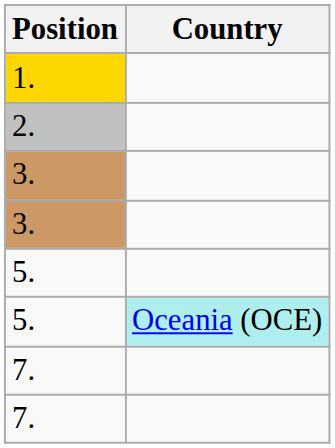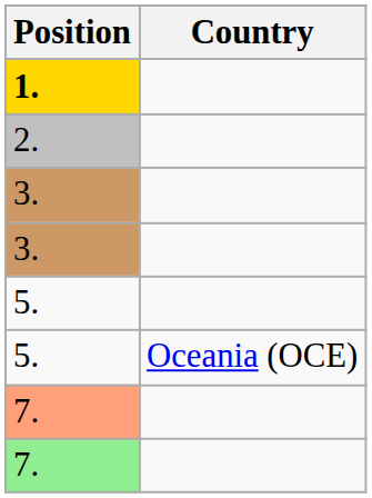 <table class=wikitable>
 <tr>
 <th>Position</th>
 <th>Country</th>
 </tr>
 <tr>
-<td bgcolor=gold>1.</td>
+<td bgcolor=gold><strong>1.</strong></td>
 <td></td>
 </tr>
 <tr>
 <td bgcolor=silver>2.</td>
 <td></td>
 </tr>
 <tr>
 <td bgcolor=CC9966>3.</td>
 <td></td>
 </tr>
 <tr>
 <td bgcolor=CC9966>3.</td>
 <td></td>
 </tr>
 <tr>
 <td>5.</td>
 <td></td>
 </tr>
 <tr>
 <td>5.</td>
-<td style="background: paleturquoise;"> <a href='#'>Oceania</a> (OCE)</td>
+<td> <a href='#'>Oceania</a> (OCE)</td>
 </tr>
 <tr>
-<td>7.</td>
+<td style="background: lightsalmon;">7.</td>
 <td></td>
 </tr>
 <tr>
-<td>7.</td>
+<td style="background: lightgreen;">7.</td>
 <td></td>
 </tr>
 </table>
